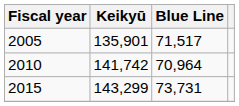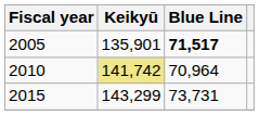 <table class="wikitable">
 <tr>
 <th>Fiscal year</th>
 <th>Keikyū</th>
 <th>Blue Line</th>
 <th></th>
 </tr>
 <tr>
 <td>2005</td>
 <td>135,901</td>
-<td>71,517</td>
+<td><strong>71,517</strong></td>
 <td></td>
 </tr>
 <tr>
 <td>2010</td>
-<td>141,742</td>
+<td style="background: khaki;">141,742</td>
 <td>70,964</td>
 <td></td>
 </tr>
 <tr>
 <td>2015</td>
 <td>143,299</td>
 <td>73,731</td>
 <td></td>
 </tr>
 <tr>
 </tr>
 </table>
